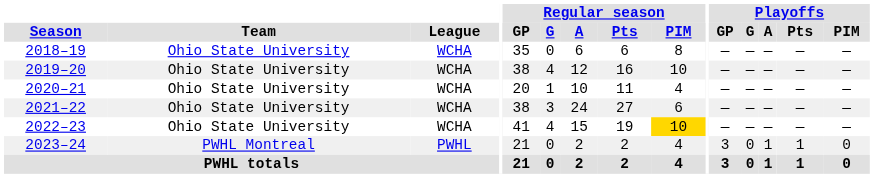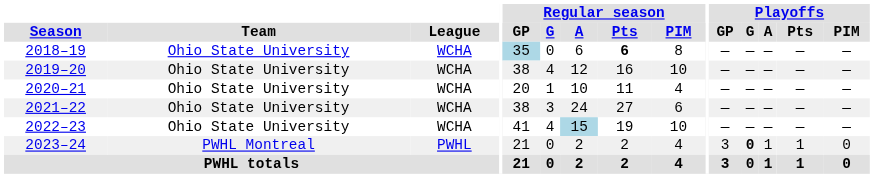 <table border="0" cellpadding="1" cellspacing="0" style="text-align:center; width:60em">
 <tr bgcolor="#e0e0e0">
 <th colspan="3" bgcolor="#ffffff"></th>
 <th rowspan="97" bgcolor="#ffffff"></th>
 <th colspan="5"><a href='#'>Regular season</a></th>
 <th rowspan="97" bgcolor="#ffffff"></th>
 <th colspan="5"><a href='#'>Playoffs</a></th>
 </tr>
 <tr bgcolor="#e0e0e0">
 <th><a href='#'>Season</a></th>
 <th>Team</th>
 <th>League</th>
 <th>GP</th>
 <th><a href='#'>G</a></th>
 <th><a href='#'>A</a></th>
 <th><a href='#'>Pts</a></th>
 <th><a href='#'>PIM</a></th>
 <th>GP</th>
 <th>G</th>
 <th>A</th>
 <th>Pts</th>
 <th>PIM</th>
 </tr>
 <tr>
 <td><a href='#'>2018–19</a></td>
 <td><a href='#'>Ohio State University</a></td>
 <td><a href='#'>WCHA</a></td>
-<td>35</td>
+<td style="background: lightblue;">35</td>
 <td>0</td>
 <td>6</td>
-<td>6</td>
+<td><strong>6</strong></td>
 <td>8</td>
 <td>—</td>
 <td>—</td>
 <td>—</td>
 <td>—</td>
 <td>—</td>
 </tr>
 <tr bgcolor="#f0f0f0">
 <td><a href='#'>2019–20</a></td>
 <td>Ohio State University</td>
 <td>WCHA</td>
 <td>38</td>
 <td>4</td>
 <td>12</td>
 <td>16</td>
 <td>10</td>
 <td>—</td>
 <td>—</td>
 <td>—</td>
 <td>—</td>
 <td>—</td>
 </tr>
 <tr>
 <td><a href='#'>2020–21</a></td>
 <td>Ohio State University</td>
 <td>WCHA</td>
 <td>20</td>
 <td>1</td>
 <td>10</td>
 <td>11</td>
 <td>4</td>
 <td>—</td>
 <td>—</td>
 <td>—</td>
 <td>—</td>
 <td>—</td>
 </tr>
 <tr bgcolor="#f0f0f0">
 <td><a href='#'>2021–22</a></td>
 <td>Ohio State University</td>
 <td>WCHA</td>
 <td>38</td>
 <td>3</td>
 <td>24</td>
 <td>27</td>
 <td>6</td>
 <td>—</td>
 <td>—</td>
 <td>—</td>
 <td>—</td>
 <td>—</td>
 </tr>
 <tr>
 <td><a href='#'>2022–23</a></td>
 <td>Ohio State University</td>
 <td>WCHA</td>
 <td>41</td>
 <td>4</td>
-<td>15</td>
+<td style="background: lightblue;">15</td>
 <td>19</td>
-<td style="background: gold;">10</td>
+<td>10</td>
 <td>—</td>
 <td>—</td>
 <td>—</td>
 <td>—</td>
 <td>—</td>
 </tr>
 <tr bgcolor="#f0f0f0">
 <td><a href='#'>2023–24</a></td>
 <td><a href='#'>PWHL Montreal</a></td>
 <td><a href='#'>PWHL</a></td>
 <td>21</td>
 <td>0</td>
 <td>2</td>
 <td>2</td>
 <td>4</td>
 <td>3</td>
-<td>0</td>
+<td><strong>0</strong></td>
 <td>1</td>
 <td>1</td>
 <td>0</td>
 </tr>
 <tr bgcolor="#e0e0e0">
 <th colspan="3">PWHL totals</th>
 <th>21</th>
 <th>0</th>
 <th>2</th>
 <th>2</th>
 <th>4</th>
 <th>3</th>
 <th>0</th>
 <th>1</th>
 <th>1</th>
 <th>0</th>
 </tr>
 </table>
